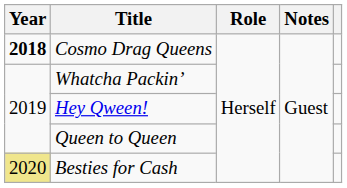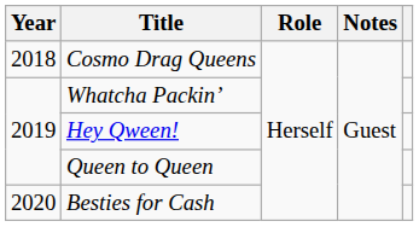 <table class="wikitable">
 <tr>
 <th>Year</th>
 <th>Title</th>
 <th>Role</th>
 <th>Notes</th>
 <th></th>
 </tr>
 <tr>
-<td><strong>2018</strong></td>
+<td>2018</td>
 <td><em>Cosmo Drag Queens</em></td>
 <td rowspan="5">Herself</td>
 <td rowspan="5">Guest</td>
 <td></td>
 </tr>
 <tr>
 <td rowspan="3">2019</td>
 <td><em>Whatcha Packin’</em></td>
 <td></td>
 </tr>
 <tr>
 <td><em><a href='#'>Hey Qween!</a></em></td>
 <td></td>
 </tr>
 <tr>
 <td><em>Queen to Queen</em></td>
 <td></td>
 </tr>
 <tr>
-<td style="background: khaki;">2020</td>
+<td>2020</td>
 <td><em>Besties for Cash</em></td>
 <td></td>
 </tr>
 </table>
